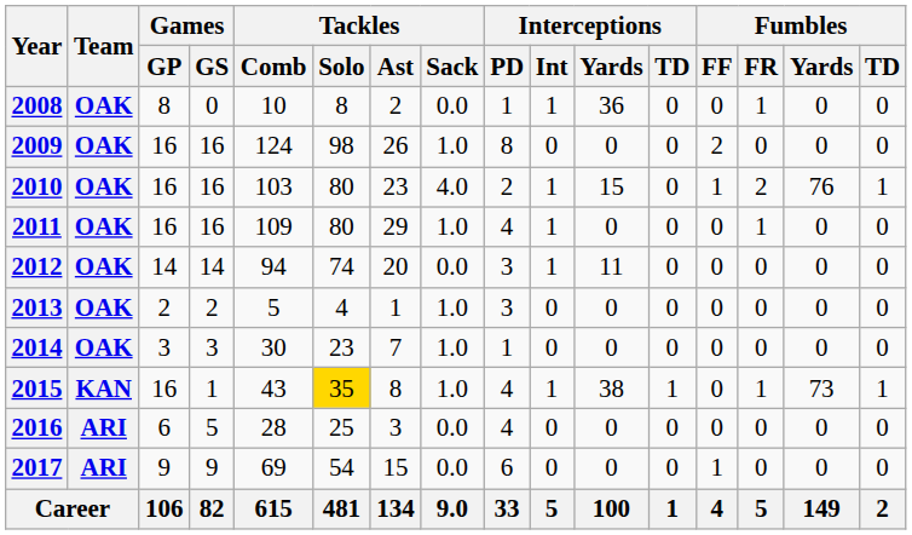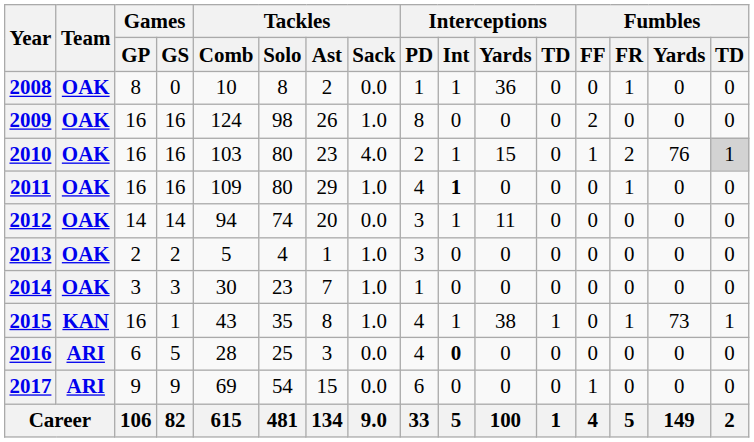 <table class= "wikitable" float="left" border="1" style="text-align:center; width:45%;">
 <tr>
 <th rowspan="2">Year</th>
 <th rowspan="2">Team</th>
 <th colspan="2">Games</th>
 <th colspan="4">Tackles</th>
 <th colspan="4">Interceptions</th>
 <th colspan="4">Fumbles</th>
 </tr>
 <tr>
 <th>GP</th>
 <th>GS</th>
 <th>Comb</th>
 <th>Solo</th>
 <th>Ast</th>
 <th>Sack</th>
 <th>PD</th>
 <th>Int</th>
 <th>Yards</th>
 <th>TD</th>
 <th>FF</th>
 <th>FR</th>
 <th>Yards</th>
 <th>TD</th>
 </tr>
 <tr>
 <th><a href='#'>2008</a></th>
 <th><a href='#'>OAK</a></th>
 <td>8</td>
 <td>0</td>
 <td>10</td>
 <td>8</td>
 <td>2</td>
 <td>0.0</td>
 <td>1</td>
 <td>1</td>
 <td>36</td>
 <td>0</td>
 <td>0</td>
 <td>1</td>
 <td>0</td>
 <td>0</td>
 </tr>
 <tr>
 <th><a href='#'>2009</a></th>
 <th><a href='#'>OAK</a></th>
 <td>16</td>
 <td>16</td>
 <td>124</td>
 <td>98</td>
 <td>26</td>
 <td>1.0</td>
 <td>8</td>
 <td>0</td>
 <td>0</td>
 <td>0</td>
 <td>2</td>
 <td>0</td>
 <td>0</td>
 <td>0</td>
 </tr>
 <tr>
 <th><a href='#'>2010</a></th>
 <th><a href='#'>OAK</a></th>
 <td>16</td>
 <td>16</td>
 <td>103</td>
 <td>80</td>
 <td>23</td>
 <td>4.0</td>
 <td>2</td>
 <td>1</td>
 <td>15</td>
 <td>0</td>
 <td>1</td>
 <td>2</td>
 <td>76</td>
-<td>1</td>
+<td style="background: lightgrey;">1</td>
 </tr>
 <tr>
 <th><a href='#'>2011</a></th>
 <th><a href='#'>OAK</a></th>
 <td>16</td>
 <td>16</td>
 <td>109</td>
 <td>80</td>
 <td>29</td>
 <td>1.0</td>
 <td>4</td>
-<td>1</td>
+<td><strong>1</strong></td>
 <td>0</td>
 <td>0</td>
 <td>0</td>
 <td>1</td>
 <td>0</td>
 <td>0</td>
 </tr>
 <tr>
 <th><a href='#'>2012</a></th>
 <th><a href='#'>OAK</a></th>
 <td>14</td>
 <td>14</td>
 <td>94</td>
 <td>74</td>
 <td>20</td>
 <td>0.0</td>
 <td>3</td>
 <td>1</td>
 <td>11</td>
 <td>0</td>
 <td>0</td>
 <td>0</td>
 <td>0</td>
 <td>0</td>
 </tr>
 <tr>
 <th><a href='#'>2013</a></th>
 <th><a href='#'>OAK</a></th>
 <td>2</td>
 <td>2</td>
 <td>5</td>
 <td>4</td>
 <td>1</td>
 <td>1.0</td>
 <td>3</td>
 <td>0</td>
 <td>0</td>
 <td>0</td>
 <td>0</td>
 <td>0</td>
 <td>0</td>
 <td>0</td>
 </tr>
 <tr>
 <th><a href='#'>2014</a></th>
 <th><a href='#'>OAK</a></th>
 <td>3</td>
 <td>3</td>
 <td>30</td>
 <td>23</td>
 <td>7</td>
 <td>1.0</td>
 <td>1</td>
 <td>0</td>
 <td>0</td>
 <td>0</td>
 <td>0</td>
 <td>0</td>
 <td>0</td>
 <td>0</td>
 </tr>
 <tr>
 <th><a href='#'>2015</a></th>
 <th><a href='#'>KAN</a></th>
 <td>16</td>
 <td>1</td>
 <td>43</td>
-<td style="background: gold;">35</td>
+<td>35</td>
 <td>8</td>
 <td>1.0</td>
 <td>4</td>
 <td>1</td>
 <td>38</td>
 <td>1</td>
 <td>0</td>
 <td>1</td>
 <td>73</td>
 <td>1</td>
 </tr>
 <tr>
 <th><a href='#'>2016</a></th>
 <th><a href='#'>ARI</a></th>
 <td>6</td>
 <td>5</td>
 <td>28</td>
 <td>25</td>
 <td>3</td>
 <td>0.0</td>
 <td>4</td>
-<td>0</td>
+<td><strong>0</strong></td>
 <td>0</td>
 <td>0</td>
 <td>0</td>
 <td>0</td>
 <td>0</td>
 <td>0</td>
 </tr>
 <tr>
 <th><a href='#'>2017</a></th>
 <th><a href='#'>ARI</a></th>
 <td>9</td>
 <td>9</td>
 <td>69</td>
 <td>54</td>
 <td>15</td>
 <td>0.0</td>
 <td>6</td>
 <td>0</td>
 <td>0</td>
 <td>0</td>
 <td>1</td>
 <td>0</td>
 <td>0</td>
 <td>0</td>
 </tr>
 <tr>
 <th colspan="2">Career</th>
 <th>106</th>
 <th>82</th>
 <th>615</th>
 <th>481</th>
 <th>134</th>
 <th>9.0</th>
 <th>33</th>
 <th>5</th>
 <th>100</th>
 <th>1</th>
 <th>4</th>
 <th>5</th>
 <th>149</th>
 <th>2</th>
 </tr>
 </table>
